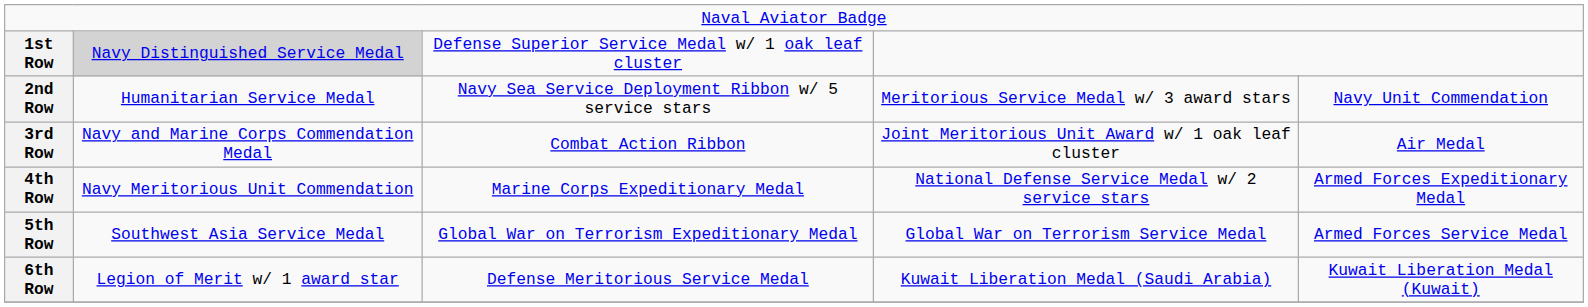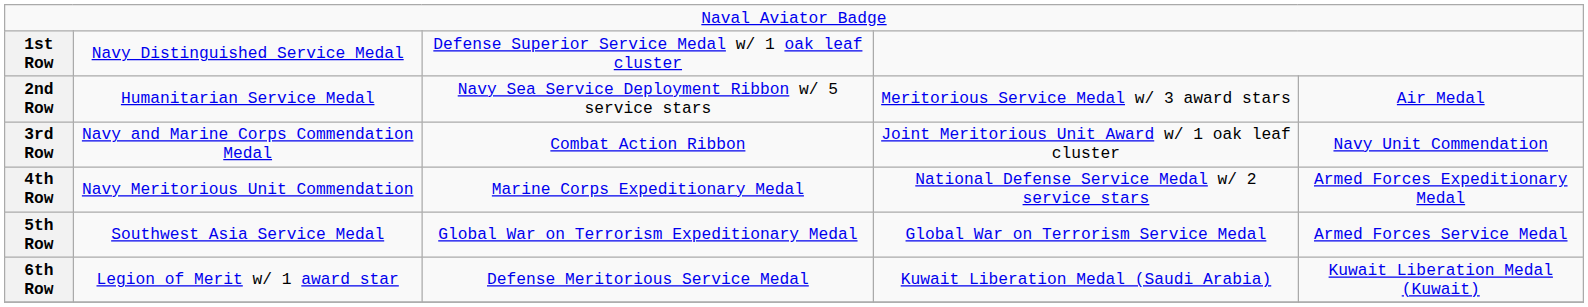 <table class="wikitable" style="margin:1em auto; text-align:center;">
 <tr>
 <td colspan="6"><a href='#'>Naval Aviator Badge</a></td>
 </tr>
 <tr>
 <th>1st Row</th>
-<td style="background: lightgrey;"><a href='#'>Navy Distinguished Service Medal</a></td>
+<td><a href='#'>Navy Distinguished Service Medal</a></td>
 <td><a href='#'>Defense Superior Service Medal</a> w/ 1 <a href='#'>oak leaf cluster</a></td>
 </tr>
 <tr>
 <th>2nd Row</th>
 <td><a href='#'>Humanitarian Service Medal</a></td>
 <td><a href='#'>Navy Sea Service Deployment Ribbon</a> w/ 5 service stars</td>
 <td><a href='#'>Meritorious Service Medal</a> w/ 3 award stars</td>
-<td><a href='#'>Navy Unit Commendation</a></td>
+<td><a href='#'>Air Medal</a></td>
 </tr>
 <tr>
 <th>3rd Row</th>
 <td><a href='#'>Navy and Marine Corps Commendation Medal</a></td>
 <td><a href='#'>Combat Action Ribbon</a></td>
 <td><a href='#'>Joint Meritorious Unit Award</a> w/ 1 oak leaf cluster</td>
-<td><a href='#'>Air Medal</a></td>
+<td><a href='#'>Navy Unit Commendation</a></td>
 </tr>
 <tr>
 <th>4th Row</th>
 <td><a href='#'>Navy Meritorious Unit Commendation</a></td>
 <td><a href='#'>Marine Corps Expeditionary Medal</a></td>
 <td><a href='#'>National Defense Service Medal</a> w/ 2 <a href='#'>service stars</a></td>
 <td><a href='#'>Armed Forces Expeditionary Medal</a></td>
 </tr>
 <tr>
 <th>5th Row</th>
 <td><a href='#'>Southwest Asia Service Medal</a></td>
 <td><a href='#'>Global War on Terrorism Expeditionary Medal</a></td>
 <td><a href='#'>Global War on Terrorism Service Medal</a></td>
 <td><a href='#'>Armed Forces Service Medal</a></td>
 </tr>
 <tr>
 <th>6th Row</th>
 <td><a href='#'>Legion of Merit</a> w/ 1 <a href='#'>award star</a></td>
 <td><a href='#'>Defense Meritorious Service Medal</a></td>
 <td><a href='#'>Kuwait Liberation Medal (Saudi Arabia)</a></td>
 <td><a href='#'>Kuwait Liberation Medal (Kuwait)</a></td>
 </tr>
 <tr>
 </tr>
 </table>
